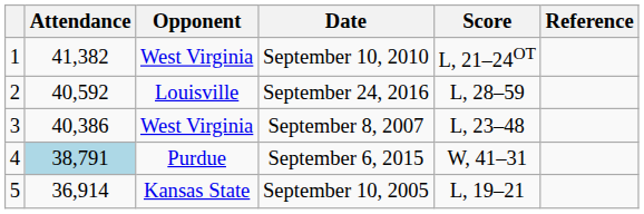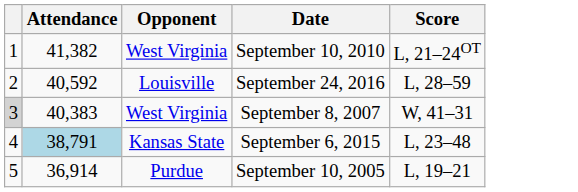 <table class="wikitable sortable" style="text-align:center">
 <tr>
 <th></th>
 <th>Attendance</th>
 <th>Opponent</th>
 <th>Date</th>
 <th>Score</th>
-<th>Reference</th>
 </tr>
 <tr>
 <td>1</td>
 <td>41,382</td>
 <td><a href='#'>West Virginia</a></td>
 <td>September 10, 2010</td>
 <td>L, 21–24<sup>OT</sup></td>
-<td></td>
 </tr>
 <tr>
 <td>2</td>
 <td>40,592</td>
 <td><a href='#'>Louisville</a></td>
 <td>September 24, 2016</td>
 <td>L, 28–59</td>
-<td></td>
 </tr>
 <tr>
-<td>3</td>
-<td>40,386</td>
+<td style="background: lightgrey;">3</td>
+<td>40,383</td>
 <td><a href='#'>West Virginia</a></td>
 <td>September 8, 2007</td>
-<td>L, 23–48</td>
-<td></td>
+<td>W, 41–31</td>
 </tr>
 <tr>
 <td>4</td>
 <td style="background: lightblue;">38,791</td>
-<td><a href='#'>Purdue</a></td>
+<td><a href='#'>Kansas State</a></td>
 <td>September 6, 2015</td>
-<td>W, 41–31</td>
-<td></td>
+<td>L, 23–48</td>
 </tr>
 <tr>
 <td>5</td>
 <td>36,914</td>
-<td><a href='#'>Kansas State</a></td>
+<td><a href='#'>Purdue</a></td>
 <td>September 10, 2005</td>
 <td>L, 19–21</td>
-<td></td>
 </tr>
 </table>
